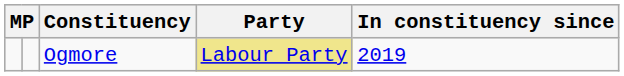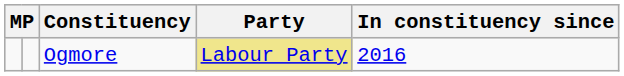 <table class="wikitable sortable">
 <tr>
 <th colspan=2>MP</th>
 <th>Constituency</th>
 <th>Party</th>
 <th>In constituency since</th>
 </tr>
 <tr>
 <td style="color:inherit;background-color: "></td>
 <td></td>
 <td><a href='#'>Ogmore</a></td>
 <td style="background: khaki;"><a href='#'>Labour Party</a></td>
-<td><a href='#'>2019</a></td>
+<td><a href='#'>2016</a></td>
 </tr>
 </table>
